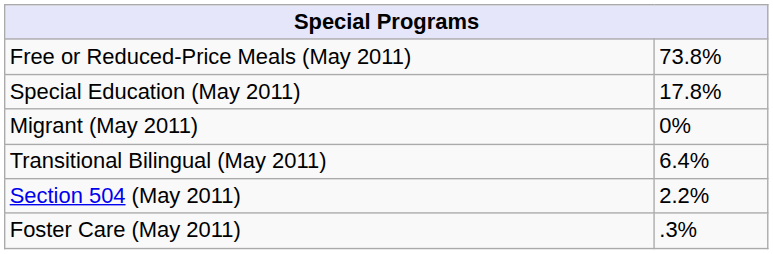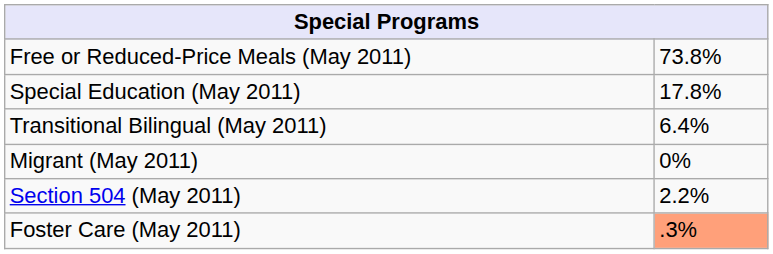 <table class="wikitable">
 <tr>
 <th colspan=2 style="background:Lavender; color: black; width: 550px; height: 10px; align:left">Special Programs</th>
 </tr>
 <tr>
 <td>Free or Reduced-Price Meals (May 2011)</td>
 <td>73.8%</td>
 </tr>
 <tr>
 <td>Special Education (May 2011)</td>
 <td>17.8%</td>
 </tr>
 <tr>
+<td>Transitional Bilingual (May 2011)</td>
+<td>6.4%</td>
+</tr>
+<tr>
 <td>Migrant (May 2011)</td>
 <td>0%</td>
-</tr>
-<tr>
-<td>Transitional Bilingual (May 2011)</td>
-<td>6.4%</td>
 </tr>
 <tr>
 <td><a href='#'>Section 504</a> (May 2011)</td>
 <td>2.2%</td>
 </tr>
 <tr>
 <td>Foster Care (May 2011)</td>
-<td>.3%</td>
+<td style="background: lightsalmon;">.3%</td>
 </tr>
 </table>
